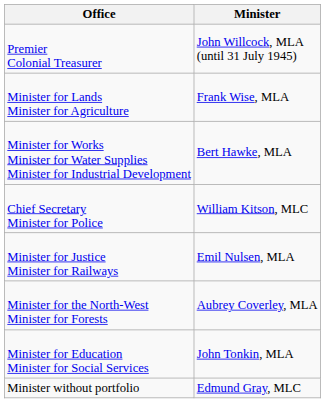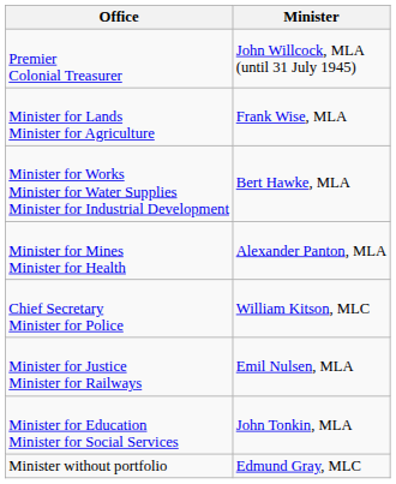 <table class="wikitable">
 <tr>
 <th>Office</th>
 <th>Minister</th>
 </tr>
 <tr>
 <td><br><a href='#'>Premier</a><br> <a href='#'>Colonial Treasurer</a><br></td>
 <td><a href='#'>John Willcock</a>, MLA<br>(until 31 July 1945)</td>
 </tr>
 <tr>
 <td><br><a href='#'>Minister for Lands</a><br> <a href='#'>Minister for Agriculture</a><br></td>
 <td><a href='#'>Frank Wise</a>, MLA</td>
 </tr>
 <tr>
 <td><br><a href='#'>Minister for Works</a><br> <a href='#'>Minister for Water Supplies</a><br> <a href='#'>Minister for Industrial Development</a><br></td>
 <td><a href='#'>Bert Hawke</a>, MLA</td>
 </tr>
 <tr>
+<td><br><a href='#'>Minister for Mines</a><br> <a href='#'>Minister for Health</a><br></td>
+<td><a href='#'>Alexander Panton</a>, MLA</td>
+</tr>
+<tr>
 <td><br><a href='#'>Chief Secretary</a><br> <a href='#'>Minister for Police</a><br></td>
 <td><a href='#'>William Kitson</a>, MLC</td>
 </tr>
 <tr>
 <td><br><a href='#'>Minister for Justice</a><br> <a href='#'>Minister for Railways</a><br></td>
 <td><a href='#'>Emil Nulsen</a>, MLA</td>
-</tr>
-<tr>
-<td><br><a href='#'>Minister for the North-West</a><br> <a href='#'>Minister for Forests</a><br></td>
-<td><a href='#'>Aubrey Coverley</a>, MLA</td>
 </tr>
 <tr>
 <td><br><a href='#'>Minister for Education</a><br> <a href='#'>Minister for Social Services</a><br></td>
 <td><a href='#'>John Tonkin</a>, MLA</td>
 </tr>
 <tr>
 <td>Minister without portfolio</td>
 <td><a href='#'>Edmund Gray</a>, MLC</td>
 </tr>
 </table>
